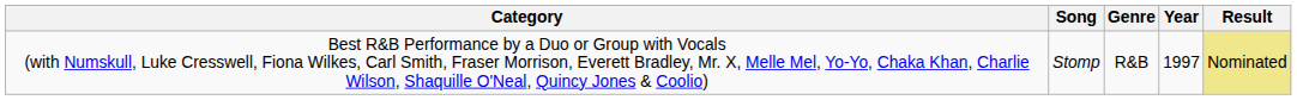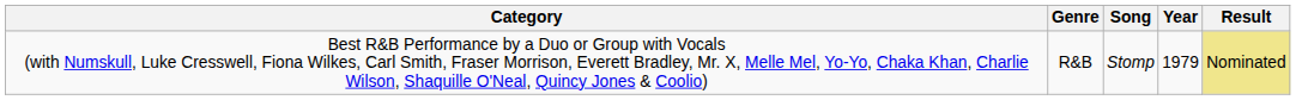 <table class="wikitable">
 <tr style="font-size:100%;">
 <th>Category</th>
+<th>Genre</th>
 <th>Song</th>
-<th>Genre</th>
 <th>Year</th>
 <th>Result</th>
 </tr>
 <tr style="text-align:CENTER;">
 <td>Best R&B Performance by a Duo or Group with Vocals<br>(with <a href='#'>Numskull</a>, Luke Cresswell, Fiona Wilkes, Carl Smith, Fraser Morrison, Everett Bradley, Mr. X, <a href='#'>Melle Mel</a>, <a href='#'>Yo-Yo</a>, <a href='#'>Chaka Khan</a>, <a href='#'>Charlie Wilson</a>, <a href='#'>Shaquille O'Neal</a>, <a href='#'>Quincy Jones</a> & <a href='#'>Coolio</a>)</td>
+<td>R&B</td>
 <td><em>Stomp</em></td>
-<td>R&B</td>
-<td>1997</td>
+<td>1979</td>
 <td style="background: khaki;">Nominated</td>
 </tr>
 </table>
